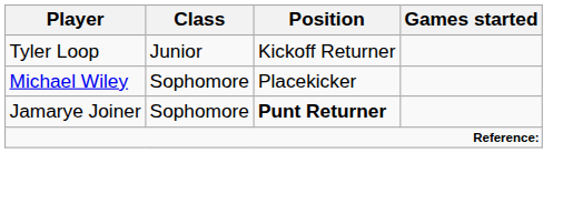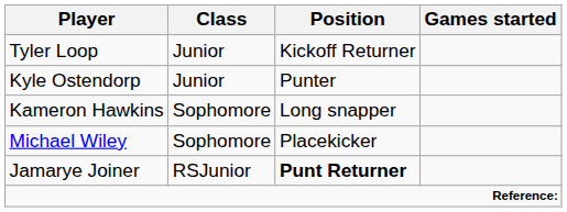 <table class="wikitable">
 <tr>
 <th style="text-align:center; ">Player</th>
 <th style="text-align:center; ">Class</th>
 <th style="text-align:center; ">Position</th>
 <th style="text-align:center; ">Games started</th>
 </tr>
 <tr>
 <td>Tyler Loop</td>
 <td>Junior</td>
 <td>Kickoff Returner</td>
 <td></td>
 </tr>
 <tr>
+<td>Kyle Ostendorp</td>
+<td>Junior</td>
+<td>Punter</td>
+<td></td>
+</tr>
+<tr>
+<td>Kameron Hawkins</td>
+<td>Sophomore</td>
+<td>Long snapper</td>
+<td></td>
+</tr>
+<tr>
 <td><a href='#'>Michael Wiley</a></td>
 <td>Sophomore</td>
 <td>Placekicker</td>
 <td></td>
 </tr>
 <tr>
 <td>Jamarye Joiner</td>
-<td>Sophomore</td>
+<td>RSJunior</td>
 <td><strong>Punt Returner</strong></td>
 <td></td>
 </tr>
 <tr>
 <td colspan="4"  style="font-size:8pt; text-align:right;"><strong>Reference:</strong></td>
 </tr>
 </table>
